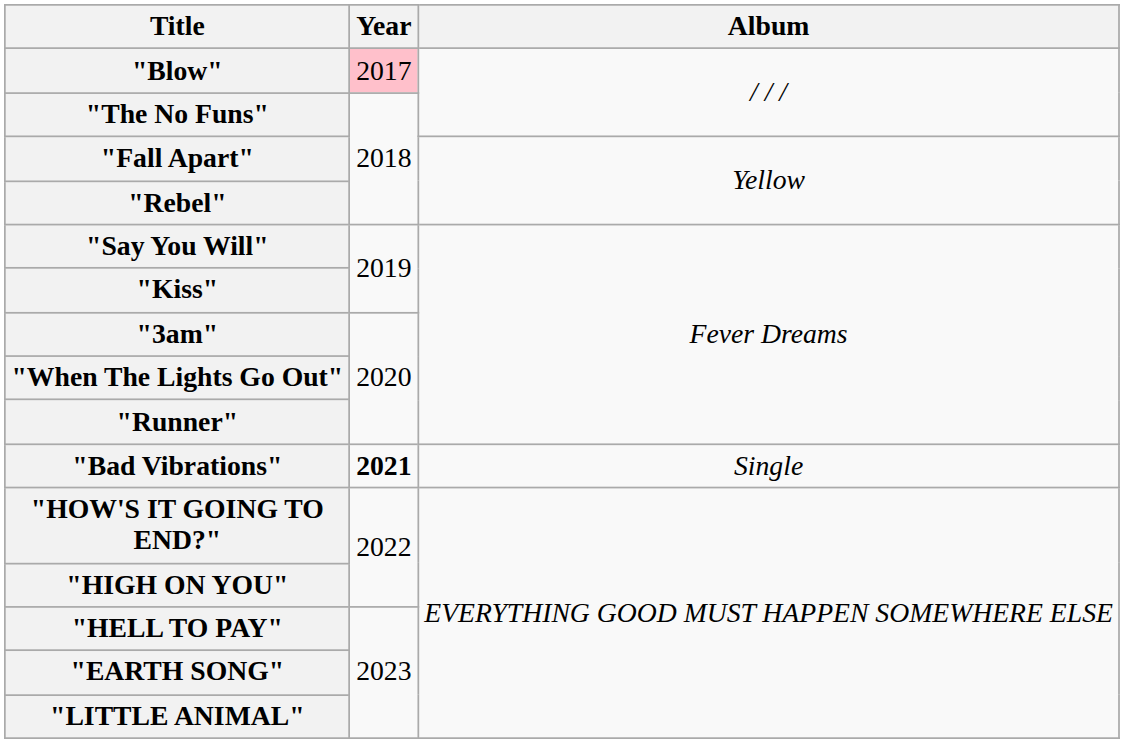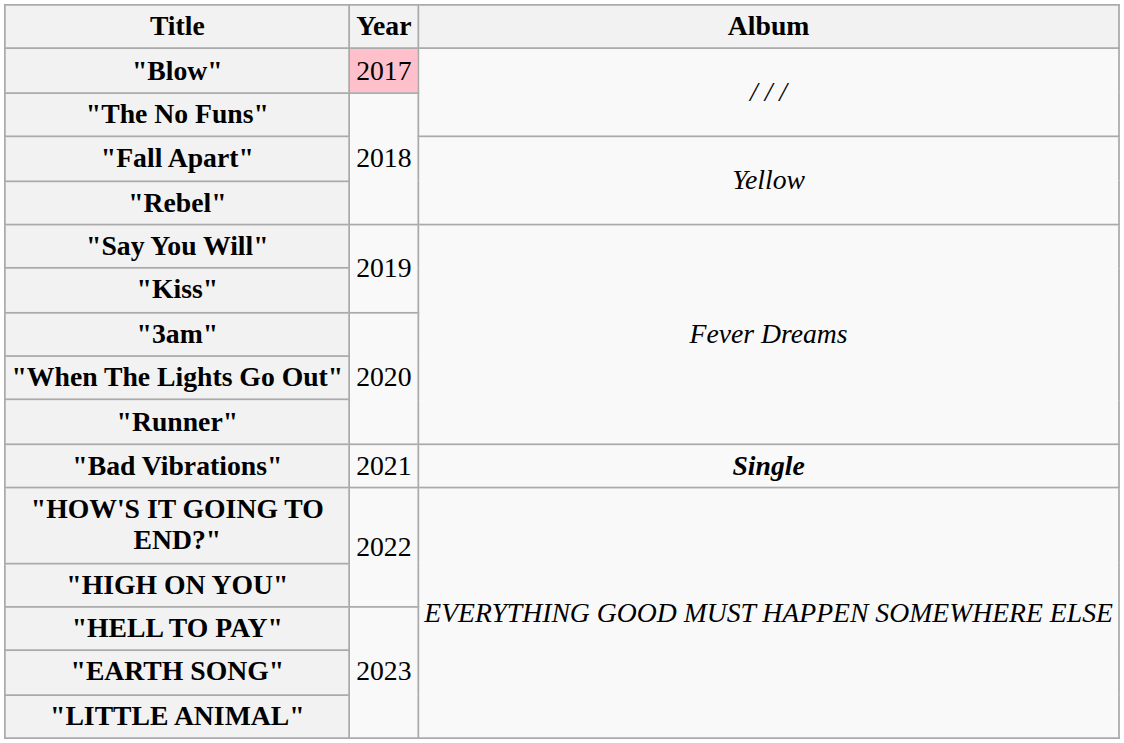 <table class="wikitable plainrowheaders" style="text-align:center;">
 <tr>
 <th scope="col" style="width:12em;">Title</th>
 <th scope="col">Year</th>
 <th scope="col">Album</th>
 </tr>
 <tr>
 <th scope="row">"Blow"</th>
 <td style="background: pink;">2017</td>
 <td rowspan="2"><em>/ / /</em></td>
 </tr>
 <tr>
 <th scope="row">"The No Funs"</th>
 <td rowspan="3">2018</td>
 </tr>
 <tr>
 <th scope="row">"Fall Apart"</th>
 <td rowspan="2"><em>Yellow</em></td>
 </tr>
 <tr>
 <th scope="row">"Rebel"</th>
 </tr>
 <tr>
 <th scope="row">"Say You Will"</th>
 <td rowspan="2">2019</td>
 <td rowspan="5"><em>Fever Dreams</em></td>
 </tr>
 <tr>
 <th scope="row">"Kiss"</th>
 </tr>
 <tr>
 <th scope="row">"3am"</th>
 <td rowspan="3">2020</td>
 </tr>
 <tr>
 <th scope="row">"When The Lights Go Out"</th>
 </tr>
 <tr>
 <th scope="row">"Runner"</th>
 </tr>
 <tr>
 <th scope="row">"Bad Vibrations"</th>
-<td rowspan="1"><strong>2021</strong></td>
-<td rowspan="1"><em>Single</em></td>
+<td rowspan="1">2021</td>
+<td rowspan="1"><strong><em>Single</em></strong></td>
 </tr>
 <tr>
 <th scope="row">"HOW'S IT GOING TO END?"</th>
 <td rowspan="2">2022</td>
 <td rowspan="5"><em>EVERYTHING GOOD MUST HAPPEN SOMEWHERE ELSE</em></td>
 </tr>
 <tr>
 <th scope="row">"HIGH ON YOU"</th>
 </tr>
 <tr>
 <th scope="row">"HELL TO PAY"</th>
 <td rowspan="3">2023</td>
 </tr>
 <tr>
 <th scope="row">"EARTH SONG"</th>
 </tr>
 <tr>
 <th scope="row">"LITTLE ANIMAL"</th>
 </tr>
 <tr>
 </tr>
 </table>
